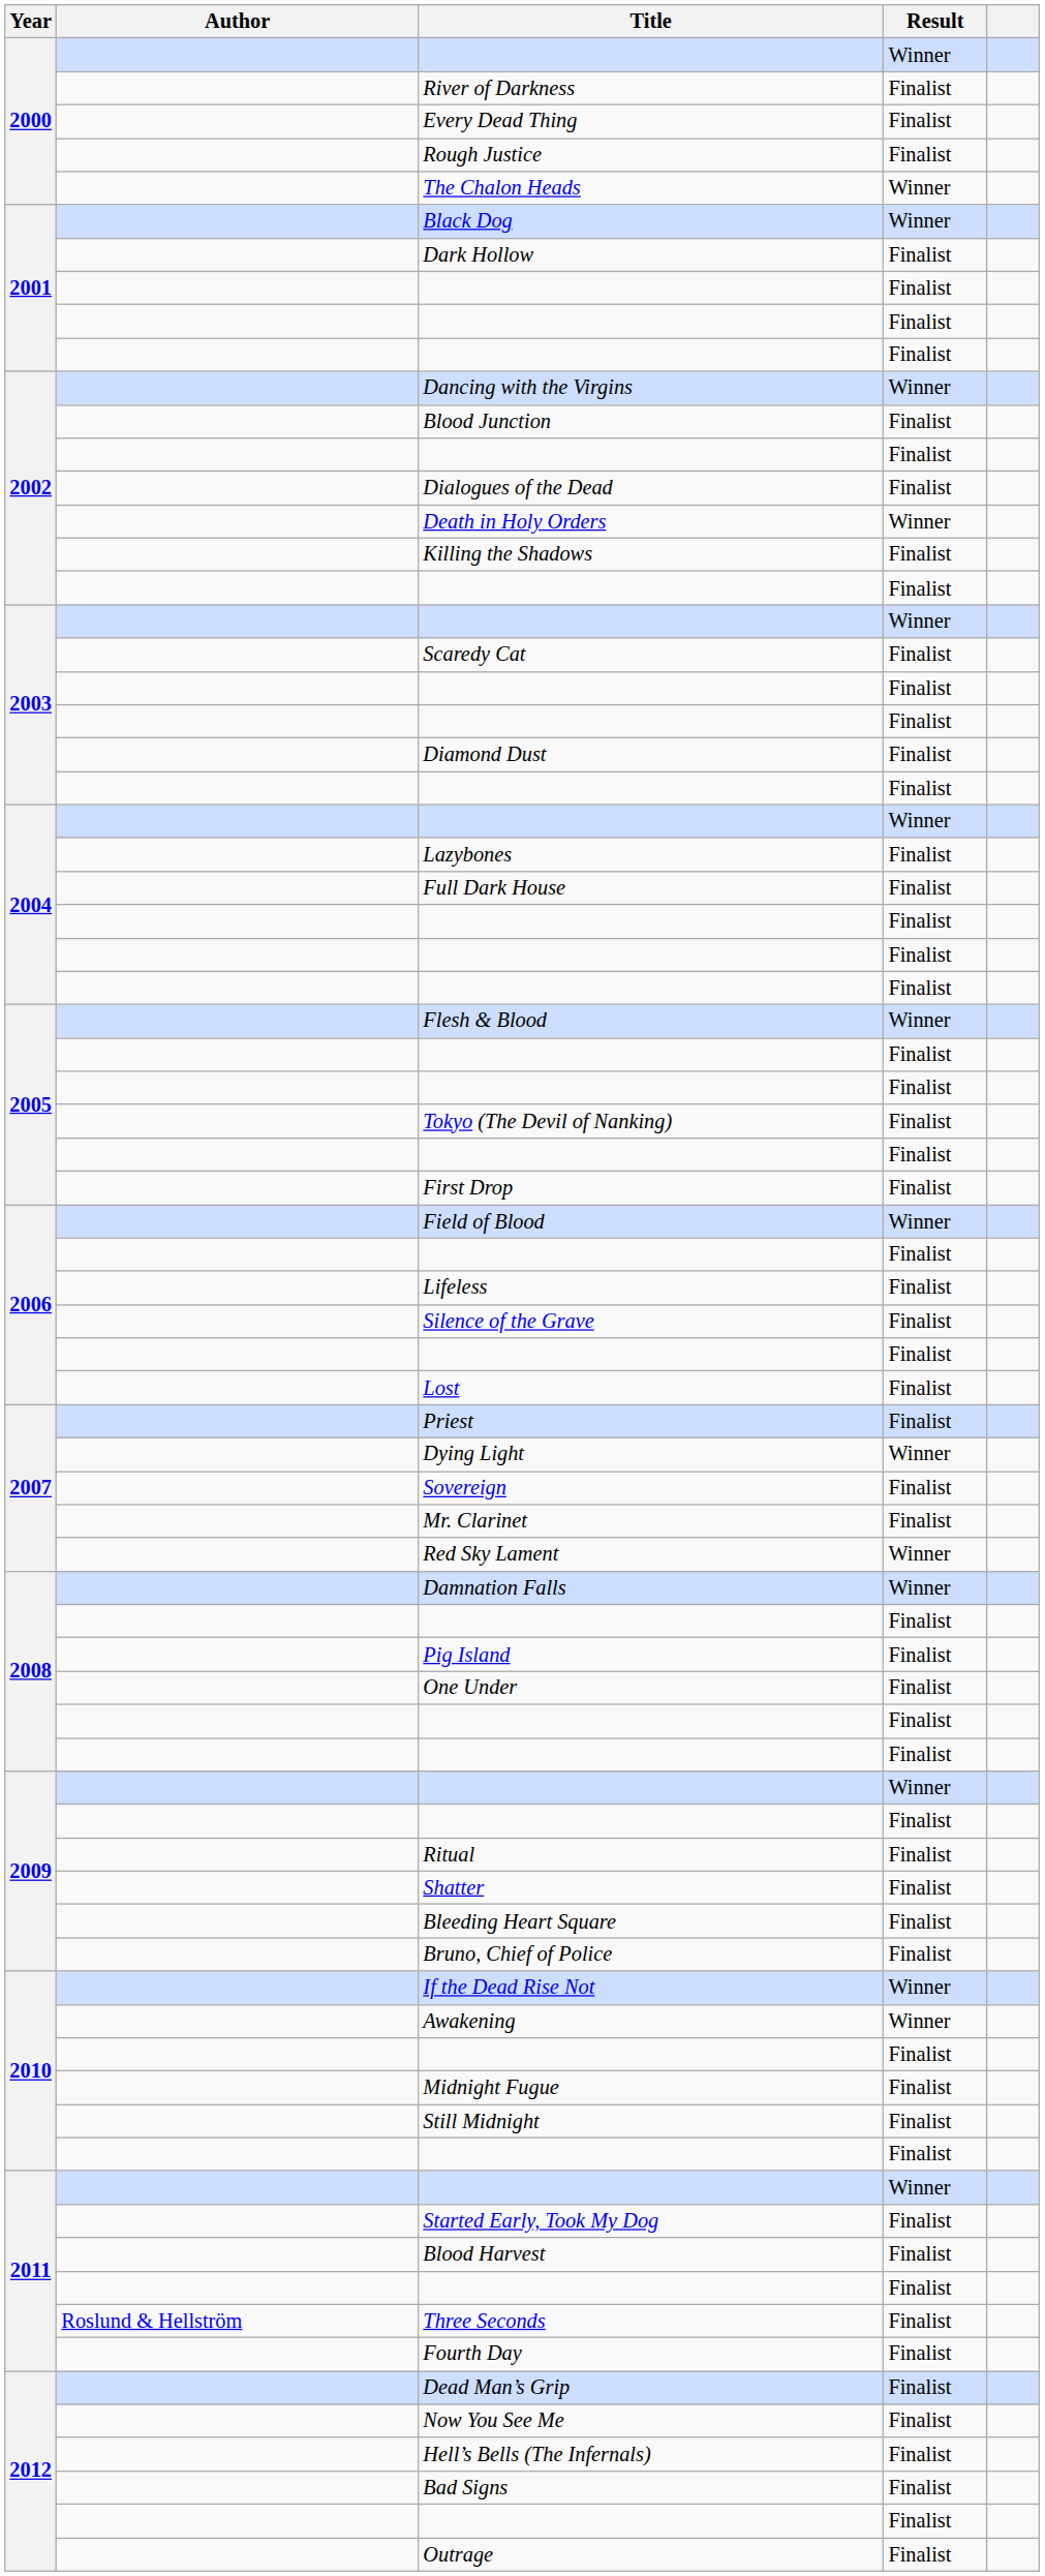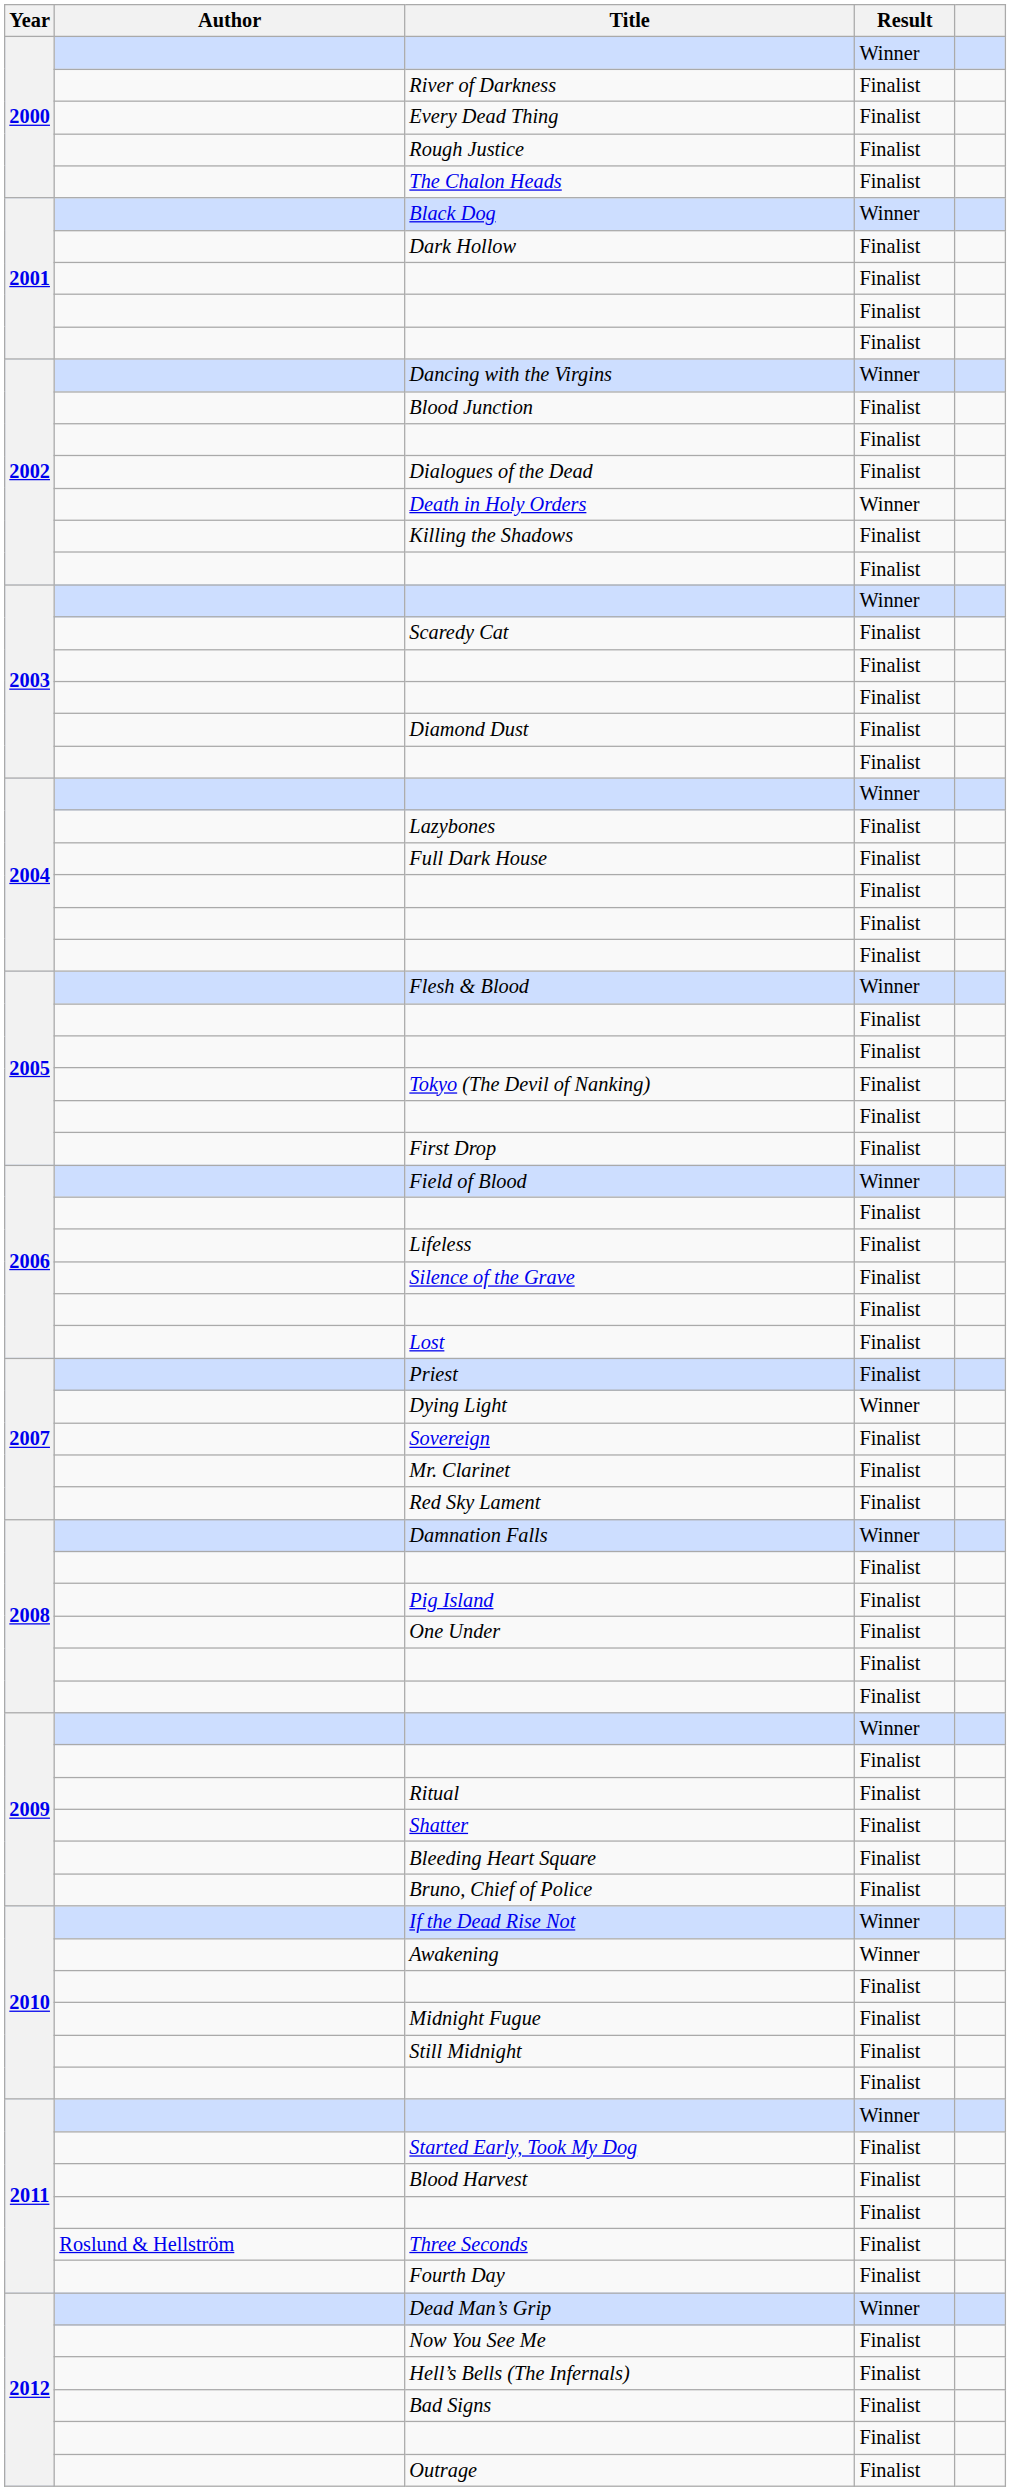 <table class="wikitable sortable mw-collapsible" style=“width:100%”>
 <tr>
 <th scope="col" width="5%">Year</th>
 <th scope="col" width="35%">Author</th>
 <th scope="col" width="45%">Title</th>
 <th scope="col" width="10%">Result</th>
 <th scope="col" width="5%"></th>
 </tr>
 <tr style="background:#cddeff">
 <th rowspan="5"><a href='#'>2000</a></th>
 <td></td>
 <td><em></em></td>
 <td>Winner</td>
 <td></td>
 </tr>
 <tr>
 <td></td>
 <td><em>River of Darkness</em></td>
 <td>Finalist</td>
 <td></td>
 </tr>
 <tr>
 <td></td>
 <td><em>Every Dead Thing</em></td>
 <td>Finalist</td>
 <td></td>
 </tr>
 <tr>
 <td></td>
 <td><em>Rough Justice</em></td>
 <td>Finalist</td>
 <td></td>
 </tr>
 <tr>
 <td></td>
 <td><em><a href='#'>The Chalon Heads</a></em></td>
-<td>Winner</td>
+<td>Finalist</td>
 <td></td>
 </tr>
 <tr style="background:#cddeff">
 <th rowspan="5"><a href='#'>2001</a></th>
 <td></td>
 <td><em><a href='#'>Black Dog</a></em></td>
 <td>Winner</td>
 <td></td>
 </tr>
 <tr>
 <td></td>
 <td><em>Dark Hollow</em></td>
 <td>Finalist</td>
 <td></td>
 </tr>
 <tr>
 <td></td>
 <td><em></em></td>
 <td>Finalist</td>
 <td></td>
 </tr>
 <tr>
 <td></td>
 <td><em></em></td>
 <td>Finalist</td>
 <td></td>
 </tr>
 <tr>
 <td></td>
 <td><em></em></td>
 <td>Finalist</td>
 <td></td>
 </tr>
 <tr style="background:#cddeff">
 <th rowspan="7"><a href='#'>2002</a></th>
 <td></td>
 <td><em>Dancing with the Virgins</em></td>
 <td>Winner</td>
 <td></td>
 </tr>
 <tr>
 <td></td>
 <td><em>Blood Junction</em></td>
 <td>Finalist</td>
 <td></td>
 </tr>
 <tr>
 <td></td>
 <td><em></em></td>
 <td>Finalist</td>
 <td></td>
 </tr>
 <tr>
 <td></td>
 <td><em>Dialogues of the Dead</em></td>
 <td>Finalist</td>
 <td></td>
 </tr>
 <tr>
 <td></td>
 <td><em><a href='#'>Death in Holy Orders</a></em></td>
 <td>Winner</td>
 <td></td>
 </tr>
 <tr>
 <td></td>
 <td><em>Killing the Shadows</em></td>
 <td>Finalist</td>
 <td></td>
 </tr>
 <tr>
 <td></td>
 <td><em></em></td>
 <td>Finalist</td>
 <td></td>
 </tr>
 <tr style="background:#cddeff">
 <th rowspan="6"><a href='#'>2003</a></th>
 <td></td>
 <td><em></em></td>
 <td>Winner</td>
 <td></td>
 </tr>
 <tr>
 <td></td>
 <td><em>Scaredy Cat</em></td>
 <td>Finalist</td>
 <td></td>
 </tr>
 <tr>
 <td></td>
 <td><em></em></td>
 <td>Finalist</td>
 <td></td>
 </tr>
 <tr>
 <td></td>
 <td><em></em></td>
 <td>Finalist</td>
 <td></td>
 </tr>
 <tr>
 <td></td>
 <td><em>Diamond Dust</em></td>
 <td>Finalist</td>
 <td></td>
 </tr>
 <tr>
 <td></td>
 <td><em></em></td>
 <td>Finalist</td>
 <td></td>
 </tr>
 <tr style="background:#cddeff">
 <th rowspan="6"><a href='#'>2004</a></th>
 <td></td>
 <td><em></em></td>
 <td>Winner</td>
 <td></td>
 </tr>
 <tr>
 <td></td>
 <td><em>Lazybones</em></td>
 <td>Finalist</td>
 <td></td>
 </tr>
 <tr>
 <td></td>
 <td><em>Full Dark House</em></td>
 <td>Finalist</td>
 <td></td>
 </tr>
 <tr>
 <td></td>
 <td><em></em></td>
 <td>Finalist</td>
 <td></td>
 </tr>
 <tr>
 <td></td>
 <td><em></em></td>
 <td>Finalist</td>
 <td></td>
 </tr>
 <tr>
 <td></td>
 <td><em></em></td>
 <td>Finalist</td>
 <td></td>
 </tr>
 <tr style="background:#cddeff">
 <th rowspan="6"><a href='#'>2005</a></th>
 <td></td>
 <td><em>Flesh & Blood</em></td>
 <td>Winner</td>
 <td></td>
 </tr>
 <tr>
 <td></td>
 <td><em></em></td>
 <td>Finalist</td>
 <td></td>
 </tr>
 <tr>
 <td></td>
 <td><em></em></td>
 <td>Finalist</td>
 <td></td>
 </tr>
 <tr>
 <td></td>
 <td><em><a href='#'>Tokyo</a> (The Devil of Nanking)</em></td>
 <td>Finalist</td>
 <td></td>
 </tr>
 <tr>
 <td></td>
 <td><em></em></td>
 <td>Finalist</td>
 <td></td>
 </tr>
 <tr>
 <td></td>
 <td><em>First Drop</em></td>
 <td>Finalist</td>
 <td></td>
 </tr>
 <tr style="background:#cddeff">
 <th rowspan="6"><a href='#'>2006</a></th>
 <td></td>
 <td><em>Field of Blood</em></td>
 <td>Winner</td>
 <td></td>
 </tr>
 <tr>
 <td></td>
 <td><em></em></td>
 <td>Finalist</td>
 <td></td>
 </tr>
 <tr>
 <td></td>
 <td><em>Lifeless</em></td>
 <td>Finalist</td>
 <td></td>
 </tr>
 <tr>
 <td></td>
 <td><em><a href='#'>Silence of the Grave</a></em></td>
 <td>Finalist</td>
 <td></td>
 </tr>
 <tr>
 <td></td>
 <td><em></em></td>
 <td>Finalist</td>
 <td></td>
 </tr>
 <tr>
 <td></td>
 <td><em><a href='#'>Lost</a></em></td>
 <td>Finalist</td>
 <td></td>
 </tr>
 <tr style="background:#cddeff">
 <th rowspan="5"><a href='#'>2007</a></th>
 <td></td>
 <td><em>Priest</em></td>
 <td>Finalist</td>
 <td></td>
 </tr>
 <tr>
 <td></td>
 <td><em>Dying Light</em></td>
 <td>Winner</td>
 <td></td>
 </tr>
 <tr>
 <td></td>
 <td><em><a href='#'>Sovereign</a></em></td>
 <td>Finalist</td>
 <td></td>
 </tr>
 <tr>
 <td></td>
 <td><em>Mr. Clarinet</em></td>
 <td>Finalist</td>
 <td></td>
 </tr>
 <tr>
 <td></td>
 <td><em>Red Sky Lament</em></td>
-<td>Winner</td>
+<td>Finalist</td>
 <td></td>
 </tr>
 <tr style="background:#cddeff">
 <th rowspan="6"><a href='#'>2008</a></th>
 <td></td>
 <td><em>Damnation Falls</em></td>
 <td>Winner</td>
 <td></td>
 </tr>
 <tr>
 <td></td>
 <td><em></em></td>
 <td>Finalist</td>
 <td></td>
 </tr>
 <tr>
 <td></td>
 <td><em><a href='#'>Pig Island</a></em></td>
 <td>Finalist</td>
 <td></td>
 </tr>
 <tr>
 <td></td>
 <td><em>One Under</em></td>
 <td>Finalist</td>
 <td></td>
 </tr>
 <tr>
 <td></td>
 <td><em></em></td>
 <td>Finalist</td>
 <td></td>
 </tr>
 <tr>
 <td></td>
 <td><em></em></td>
 <td>Finalist</td>
 <td></td>
 </tr>
 <tr style="background:#cddeff">
 <th rowspan="6"><a href='#'>2009</a></th>
 <td></td>
 <td><em></em></td>
 <td>Winner</td>
 <td></td>
 </tr>
 <tr>
 <td></td>
 <td><em></em></td>
 <td>Finalist</td>
 <td></td>
 </tr>
 <tr>
 <td></td>
 <td><em>Ritual</em></td>
 <td>Finalist</td>
 <td></td>
 </tr>
 <tr>
 <td></td>
 <td><em><a href='#'>Shatter</a></em></td>
 <td>Finalist</td>
 <td></td>
 </tr>
 <tr>
 <td></td>
 <td><em>Bleeding Heart Square</em></td>
 <td>Finalist</td>
 <td></td>
 </tr>
 <tr>
 <td></td>
 <td><em>Bruno, Chief of Police</em></td>
 <td>Finalist</td>
 <td></td>
 </tr>
 <tr style="background:#cddeff">
 <th rowspan="6"><a href='#'>2010</a></th>
 <td></td>
 <td><em><a href='#'>If the Dead Rise Not</a></em></td>
 <td>Winner</td>
 <td></td>
 </tr>
 <tr>
 <td></td>
 <td><em>Awakening</em></td>
 <td>Winner</td>
 <td></td>
 </tr>
 <tr>
 <td></td>
 <td><em></em></td>
 <td>Finalist</td>
 <td></td>
 </tr>
 <tr>
 <td></td>
 <td><em>Midnight Fugue</em></td>
 <td>Finalist</td>
 <td></td>
 </tr>
 <tr>
 <td></td>
 <td><em>Still Midnight</em></td>
 <td>Finalist</td>
 <td></td>
 </tr>
 <tr>
 <td></td>
 <td><em></em></td>
 <td>Finalist</td>
 <td></td>
 </tr>
 <tr style="background:#cddeff">
 <th rowspan="6"><a href='#'>2011</a></th>
 <td></td>
 <td><em></em></td>
 <td>Winner</td>
 <td></td>
 </tr>
 <tr>
 <td></td>
 <td><em><a href='#'>Started Early, Took My Dog</a></em></td>
 <td>Finalist</td>
 <td></td>
 </tr>
 <tr>
 <td></td>
 <td><em>Blood Harvest</em></td>
 <td>Finalist</td>
 <td></td>
 </tr>
 <tr>
 <td></td>
 <td><em></em></td>
 <td>Finalist</td>
 <td></td>
 </tr>
 <tr>
 <td><a href='#'>Roslund & Hellström</a></td>
 <td><em><a href='#'>Three Seconds</a></em></td>
 <td>Finalist</td>
 <td></td>
 </tr>
 <tr>
 <td></td>
 <td><em>Fourth Day</em></td>
 <td>Finalist</td>
 <td></td>
 </tr>
 <tr style="background:#cddeff">
 <th rowspan="6"><a href='#'>2012</a></th>
 <td></td>
 <td><em>Dead Man’s Grip</em></td>
-<td>Finalist</td>
+<td>Winner</td>
 <td></td>
 </tr>
 <tr>
 <td></td>
 <td><em>Now You See Me</em></td>
 <td>Finalist</td>
 <td></td>
 </tr>
 <tr>
 <td></td>
 <td><em>Hell’s Bells (The Infernals)</em></td>
 <td>Finalist</td>
 <td></td>
 </tr>
 <tr>
 <td></td>
 <td><em>Bad Signs</em></td>
 <td>Finalist</td>
 <td></td>
 </tr>
 <tr>
 <td></td>
 <td><em></em></td>
 <td>Finalist</td>
 <td></td>
 </tr>
 <tr>
 <td></td>
 <td><em>Outrage</em></td>
 <td>Finalist</td>
 <td></td>
 </tr>
 </table>
